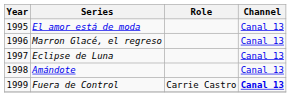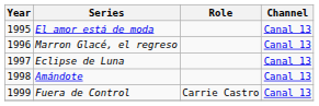 <table class="wikitable">
 <tr>
 <th>Year</th>
 <th>Series</th>
 <th>Role</th>
 <th>Channel</th>
 </tr>
 <tr>
 <td>1995</td>
 <td><em><a href='#'>El amor está de moda</a></em></td>
 <td></td>
 <td><a href='#'>Canal 13</a></td>
 </tr>
 <tr>
 <td>1996</td>
 <td><em>Marron Glacé, el regreso</em></td>
 <td></td>
 <td><a href='#'>Canal 13</a></td>
 </tr>
 <tr>
 <td>1997</td>
 <td><em>Eclipse de Luna</em></td>
 <td></td>
 <td><a href='#'>Canal 13</a></td>
 </tr>
 <tr>
 <td>1998</td>
 <td><em><a href='#'>Amándote</a></em></td>
 <td></td>
 <td><a href='#'>Canal 13</a></td>
 </tr>
 <tr>
 <td>1999</td>
 <td><em>Fuera de Control</em></td>
 <td>Carrie Castro</td>
-<td><strong><a href='#'>Canal 13</a></strong></td>
+<td><a href='#'>Canal 13</a></td>
 </tr>
 <tr>
 </tr>
 </table>
